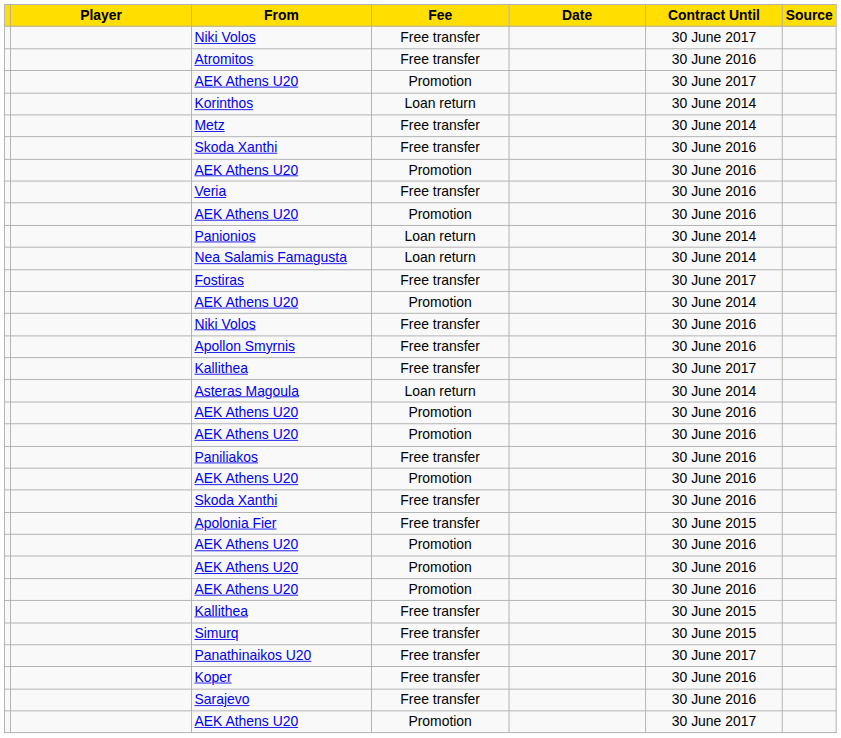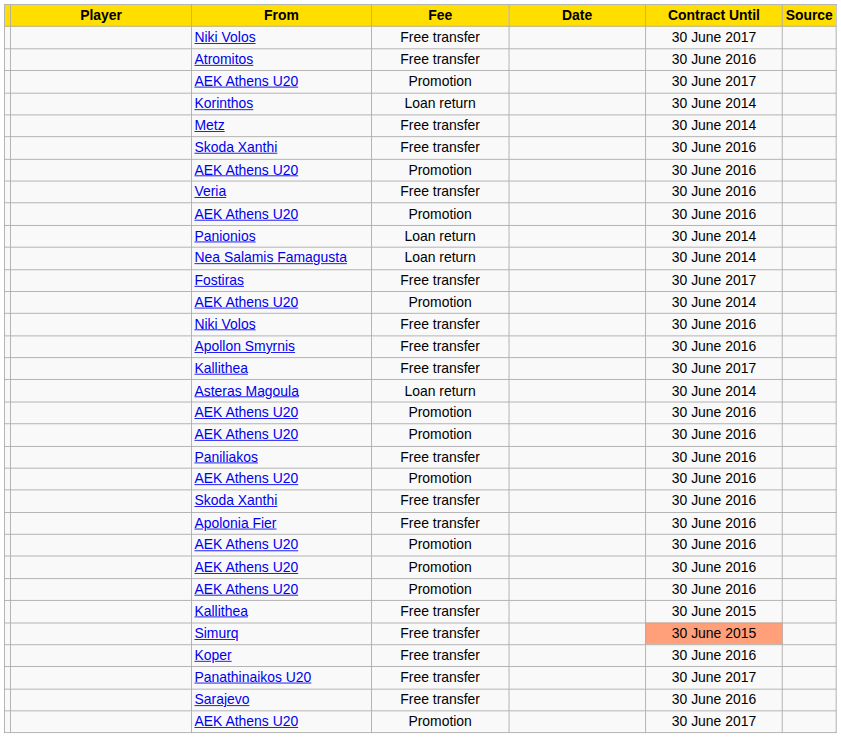 <table class="wikitable sortable">
 <tr>
 <th style="background:#FFDE00"></th>
 <th width=200 style="background:#FFDE00">Player</th>
 <th width=200 style="background:#FFDE00">From</th>
 <th width=150 style="background:#FFDE00">Fee</th>
 <th width=150 style="background:#FFDE00">Date</th>
 <th width=150 style="background:#FFDE00">Contract Until</th>
 <th style="background:#FFDE00">Source</th>
 </tr>
 <tr>
 <td align=center></td>
 <td></td>
 <td> <a href='#'>Niki Volos</a></td>
 <td align=center>Free transfer</td>
 <td align=center></td>
 <td align=center>30 June 2017</td>
 <td align=center></td>
 </tr>
 <tr>
 <td align=center></td>
 <td></td>
 <td> <a href='#'>Atromitos</a></td>
 <td align=center>Free transfer</td>
 <td align=center></td>
 <td align=center>30 June 2016</td>
 <td align=center></td>
 </tr>
 <tr>
 <td align=center></td>
 <td></td>
 <td> <a href='#'>AEK Athens U20</a></td>
 <td align=center>Promotion</td>
 <td align=center></td>
 <td align=center>30 June 2017</td>
 <td align=center></td>
 </tr>
 <tr>
 <td align=center></td>
 <td></td>
 <td> <a href='#'>Korinthos</a></td>
 <td align=center>Loan return</td>
 <td align=center></td>
 <td align=center>30 June 2014</td>
 <td align=center></td>
 </tr>
 <tr>
 <td align=center></td>
 <td></td>
 <td> <a href='#'>Metz</a></td>
 <td align=center>Free transfer</td>
 <td align=center></td>
 <td align=center>30 June 2014</td>
 <td align=center></td>
 </tr>
 <tr>
 <td align=center></td>
 <td></td>
 <td> <a href='#'>Skoda Xanthi</a></td>
 <td align=center>Free transfer</td>
 <td align=center></td>
 <td align=center>30 June 2016</td>
 <td align=center></td>
 </tr>
 <tr>
 <td align=center></td>
 <td></td>
 <td> <a href='#'>AEK Athens U20</a></td>
 <td align=center>Promotion</td>
 <td align=center></td>
 <td align=center>30 June 2016</td>
 <td align=center></td>
 </tr>
 <tr>
 <td align=center></td>
 <td></td>
 <td> <a href='#'>Veria</a></td>
 <td align=center>Free transfer</td>
 <td align=center></td>
 <td align=center>30 June 2016</td>
 <td align=center></td>
 </tr>
 <tr>
 <td align=center></td>
 <td></td>
 <td> <a href='#'>AEK Athens U20</a></td>
 <td align=center>Promotion</td>
 <td align=center></td>
 <td align=center>30 June 2016</td>
 <td align=center></td>
 </tr>
 <tr>
 <td align=center></td>
 <td></td>
 <td> <a href='#'>Panionios</a></td>
 <td align=center>Loan return</td>
 <td align=center></td>
 <td align=center>30 June 2014</td>
 <td align=center></td>
 </tr>
 <tr>
 <td align=center></td>
 <td></td>
 <td> <a href='#'>Nea Salamis Famagusta</a></td>
 <td align=center>Loan return</td>
 <td align=center></td>
 <td align=center>30 June 2014</td>
 <td align=center></td>
 </tr>
 <tr>
 <td align=center></td>
 <td></td>
 <td> <a href='#'>Fostiras</a></td>
 <td align=center>Free transfer</td>
 <td align=center></td>
 <td align=center>30 June 2017</td>
 <td align=center></td>
 </tr>
 <tr>
 <td align=center></td>
 <td></td>
 <td> <a href='#'>AEK Athens U20</a></td>
 <td align=center>Promotion</td>
 <td align=center></td>
 <td align=center>30 June 2014</td>
 <td align=center></td>
 </tr>
 <tr>
 <td align=center></td>
 <td></td>
 <td> <a href='#'>Niki Volos</a></td>
 <td align=center>Free transfer</td>
 <td align=center></td>
 <td align=center>30 June 2016</td>
 <td align=center></td>
 </tr>
 <tr>
 <td align=center></td>
 <td></td>
 <td> <a href='#'>Apollon Smyrnis</a></td>
 <td align=center>Free transfer</td>
 <td align=center></td>
 <td align=center>30 June 2016</td>
 <td align=center></td>
 </tr>
 <tr>
 <td align=center></td>
 <td></td>
 <td> <a href='#'>Kallithea</a></td>
 <td align=center>Free transfer</td>
 <td align=center></td>
 <td align=center>30 June 2017</td>
 <td align=center></td>
 </tr>
 <tr>
 <td align=center></td>
 <td></td>
 <td> <a href='#'>Asteras Magoula</a></td>
 <td align=center>Loan return</td>
 <td align=center></td>
 <td align=center>30 June 2014</td>
 <td align=center></td>
 </tr>
 <tr>
 <td align=center></td>
 <td></td>
 <td> <a href='#'>AEK Athens U20</a></td>
 <td align=center>Promotion</td>
 <td align=center></td>
 <td align=center>30 June 2016</td>
 <td align=center></td>
 </tr>
 <tr>
 <td align=center></td>
 <td></td>
 <td> <a href='#'>AEK Athens U20</a></td>
 <td align=center>Promotion</td>
 <td align=center></td>
 <td align=center>30 June 2016</td>
 <td align=center></td>
 </tr>
 <tr>
 <td align=center></td>
 <td></td>
 <td> <a href='#'>Paniliakos</a></td>
 <td align=center>Free transfer</td>
 <td align=center></td>
 <td align=center>30 June 2016</td>
 <td align=center></td>
 </tr>
 <tr>
 <td align=center></td>
 <td></td>
 <td> <a href='#'>AEK Athens U20</a></td>
 <td align=center>Promotion</td>
 <td align=center></td>
 <td align=center>30 June 2016</td>
 <td align=center></td>
 </tr>
 <tr>
 <td align=center></td>
 <td></td>
 <td> <a href='#'>Skoda Xanthi</a></td>
 <td align=center>Free transfer</td>
 <td align=center></td>
 <td align=center>30 June 2016</td>
 <td align=center></td>
 </tr>
 <tr>
 <td align=center></td>
 <td></td>
 <td> <a href='#'>Apolonia Fier</a></td>
 <td align=center>Free transfer</td>
 <td align=center></td>
-<td align=center>30 June 2015</td>
+<td align=center>30 June 2016</td>
 <td align=center></td>
 </tr>
 <tr>
 <td align=center></td>
 <td></td>
 <td> <a href='#'>AEK Athens U20</a></td>
 <td align=center>Promotion</td>
 <td align=center></td>
 <td align=center>30 June 2016</td>
 <td align=center></td>
 </tr>
 <tr>
 <td align=center></td>
 <td></td>
 <td> <a href='#'>AEK Athens U20</a></td>
 <td align=center>Promotion</td>
 <td align=center></td>
 <td align=center>30 June 2016</td>
 <td align=center></td>
 </tr>
 <tr>
 <td align=center></td>
 <td></td>
 <td> <a href='#'>AEK Athens U20</a></td>
 <td align=center>Promotion</td>
 <td align=center></td>
 <td align=center>30 June 2016</td>
 <td align=center></td>
 </tr>
 <tr>
 <td align=center></td>
 <td></td>
 <td> <a href='#'>Kallithea</a></td>
 <td align=center>Free transfer</td>
 <td align=center></td>
 <td align=center>30 June 2015</td>
 <td align=center></td>
 </tr>
 <tr>
 <td align=center></td>
 <td></td>
 <td> <a href='#'>Simurq</a></td>
 <td align=center>Free transfer</td>
 <td align=center></td>
-<td align=center>30 June 2015</td>
+<td align=center style="background: lightsalmon;">30 June 2015</td>
+<td align=center></td>
+</tr>
+<tr>
+<td align=center></td>
+<td></td>
+<td> <a href='#'>Koper</a></td>
+<td align=center>Free transfer</td>
+<td align=center></td>
+<td align=center>30 June 2016</td>
 <td align=center></td>
 </tr>
 <tr>
 <td align=center></td>
 <td></td>
 <td> <a href='#'>Panathinaikos U20</a></td>
 <td align=center>Free transfer</td>
 <td align=center></td>
 <td align=center>30 June 2017</td>
-<td align=center></td>
-</tr>
-<tr>
-<td align=center></td>
-<td></td>
-<td> <a href='#'>Koper</a></td>
-<td align=center>Free transfer</td>
-<td align=center></td>
-<td align=center>30 June 2016</td>
 <td align=center></td>
 </tr>
 <tr>
 <td align=center></td>
 <td></td>
 <td> <a href='#'>Sarajevo</a></td>
 <td align=center>Free transfer</td>
 <td align=center></td>
 <td align=center>30 June 2016</td>
 <td align=center></td>
 </tr>
 <tr>
 <td align=center></td>
 <td></td>
 <td> <a href='#'>AEK Athens U20</a></td>
 <td align=center>Promotion</td>
 <td align=center></td>
 <td align=center>30 June 2017</td>
 <td align=center></td>
 </tr>
 </table>
